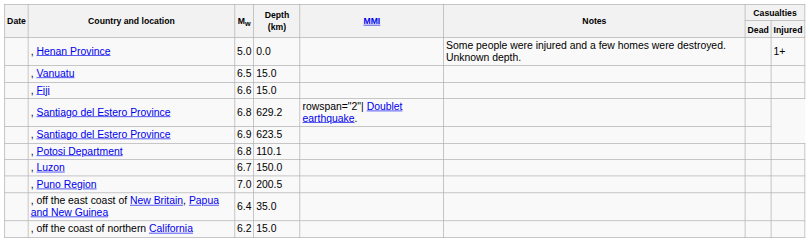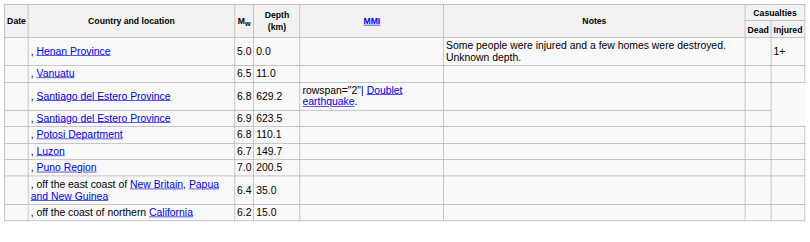 <table class="wikitable sortable sort-under" style="border:1px black; margin-left:1em;">
 <tr>
 <th rowspan="2"><small>Date</small></th>
 <th rowspan="2" style="width: 310px"><small>Country and location</small></th>
 <th rowspan="2"><small>M<sub>w</sub></small></th>
 <th rowspan="2"><small>Depth (km)</small></th>
 <th rowspan="2"><small><a href='#'>MMI</a></small></th>
 <th rowspan="2" class="unsortable"><small>Notes</small></th>
 <th colspan="2"><small>Casualties</small></th>
 </tr>
 <tr>
 <th><small>Dead</small></th>
 <th><small>Injured</small></th>
 </tr>
 <tr>
 <td></td>
 <td>, <a href='#'>Henan Province</a></td>
 <td>5.0</td>
 <td>0.0</td>
 <td></td>
 <td>Some people were injured and a few homes were destroyed. Unknown depth.</td>
 <td></td>
 <td>1+</td>
 </tr>
 <tr>
 <td></td>
 <td>, <a href='#'>Vanuatu</a></td>
 <td>6.5</td>
-<td>15.0</td>
-<td></td>
-<td></td>
-<td></td>
-<td></td>
-</tr>
-<tr>
-<td></td>
-<td>, <a href='#'>Fiji</a></td>
-<td>6.6</td>
-<td>15.0</td>
+<td>11.0</td>
 <td></td>
 <td></td>
 <td></td>
 <td></td>
 </tr>
 <tr>
 <td></td>
 <td>, <a href='#'>Santiago del Estero Province</a></td>
 <td>6.8</td>
 <td>629.2</td>
 <td>rowspan="2"| <a href='#'>Doublet earthquake</a>.</td>
 <td></td>
 <td></td>
 </tr>
 <tr>
 <td></td>
 <td>, <a href='#'>Santiago del Estero Province</a></td>
 <td>6.9</td>
 <td>623.5</td>
 <td></td>
 <td></td>
 <td></td>
 </tr>
 <tr>
 <td></td>
 <td>, <a href='#'>Potosi Department</a></td>
 <td>6.8</td>
 <td>110.1</td>
 <td></td>
 <td></td>
 <td></td>
 <td></td>
 </tr>
 <tr>
 <td></td>
 <td>, <a href='#'>Luzon</a></td>
 <td>6.7</td>
-<td>150.0</td>
+<td>149.7</td>
 <td></td>
 <td></td>
 <td></td>
 <td></td>
 </tr>
 <tr>
 <td></td>
 <td>, <a href='#'>Puno Region</a></td>
 <td>7.0</td>
 <td>200.5</td>
 <td></td>
 <td></td>
 <td></td>
 <td></td>
 </tr>
 <tr>
 <td></td>
 <td>, off the east coast of <a href='#'>New Britain</a>, <a href='#'>Papua and New Guinea</a></td>
 <td>6.4</td>
 <td>35.0</td>
 <td></td>
 <td></td>
 <td></td>
 <td></td>
 </tr>
 <tr>
 <td></td>
 <td>, off the coast of northern <a href='#'>California</a></td>
 <td>6.2</td>
 <td>15.0</td>
 <td></td>
 <td></td>
 <td></td>
 <td></td>
 </tr>
 </table>
